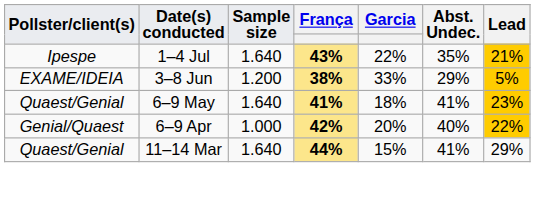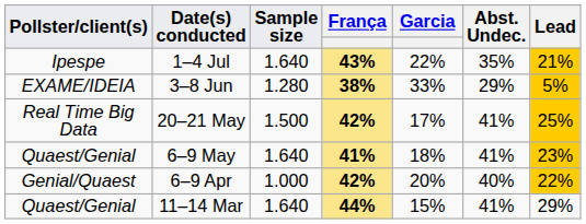 <table class="wikitable sortable" style="text-align:center;font-size:90%;line-height:14px;">
 <tr>
 <td rowspan="2" class="unsortable" style="width:50px;background:#eaecf0;"><strong>Pollster/client(s)</strong></td>
 <td rowspan="2" class="unsortable" style="width:50px;background:#eaecf0;"><strong>Date(s)<br>conducted</strong></td>
 <td rowspan="2" class="unsortable" style="width:50px;background:#eaecf0;"><strong>Sample<br>size</strong></td>
 <th class="unsortable" style="width:50px;"><a href='#'>França</a><br></th>
 <th class="unsortable" style="width:50px;"><a href='#'>Garcia</a><br></th>
 <th rowspan="2" class="unsortable">Abst.<br>Undec.</th>
 <th rowspan="2" data-sort-type="number">Lead</th>
 </tr>
 <tr>
 <th data-sort-type="number" class="sortable" style="background:"></th>
 <th data-sort-type="number" class="sortable" style="background:"></th>
 </tr>
 <tr>
 <td><em>Ipespe</em></td>
 <td>1–4 Jul</td>
 <td>1.640</td>
 <td style="background:#fce68b;"><strong>43%</strong></td>
 <td>22%</td>
 <td>35%</td>
 <td style="background:#ffcc00;">21%</td>
 </tr>
 <tr>
 <td><em>EXAME/IDEIA</em></td>
 <td>3–8 Jun</td>
-<td>1.200</td>
+<td>1.280</td>
 <td style="background:#fce68b;"><strong>38%</strong></td>
 <td>33%</td>
 <td>29%</td>
 <td style="background:#ffcc00;">5%</td>
+</tr>
+<tr>
+<td><em>Real Time Big Data</em></td>
+<td>20–21 May</td>
+<td>1.500</td>
+<td style="background:#fce68b;"><strong>42%</strong></td>
+<td>17%</td>
+<td>41%</td>
+<td style="background:#ffcc00;">25%</td>
 </tr>
 <tr>
 <td><em>Quaest/Genial</em></td>
 <td>6–9 May</td>
 <td>1.640</td>
 <td style="background:#fce68b;"><strong>41%</strong></td>
 <td>18%</td>
 <td>41%</td>
 <td style="background:#ffcc00;">23%</td>
 </tr>
 <tr>
 <td><em>Genial/Quaest</em></td>
 <td>6–9 Apr</td>
 <td>1.000</td>
 <td style="background:#fce68b;"><strong>42%</strong></td>
 <td>20%</td>
 <td>40%</td>
 <td style="background:#ffcc00;">22%</td>
 </tr>
 <tr>
 <td><em>Quaest/Genial</em></td>
 <td>11–14 Mar</td>
 <td>1.640</td>
 <td style="background:#fce68b;"><strong>44%</strong></td>
 <td>15%</td>
 <td>41%</td>
 <td style="background:">29%</td>
 </tr>
 </table>
